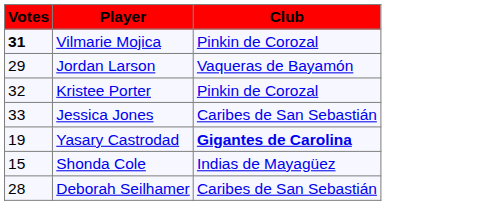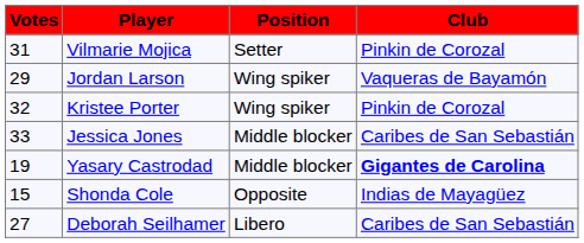 <table bgcolor="#f7f8ff" cellpadding="3" cellspacing="0" border="1" style="font-size: 95%; border: gray solid 1px; border-collapse: collapse;">
 <tr bgcolor="#ff0000">
 <td align=center><strong>Votes</strong></td>
 <td align=center><strong>Player</strong></td>
+<td align=center><strong>Position</strong></td>
 <td align=center><strong>Club</strong></td>
 </tr>
 <tr align="left">
-<td><strong>31</strong></td>
+<td>31</td>
 <td> <a href='#'>Vilmarie Mojica</a></td>
+<td>Setter</td>
 <td><a href='#'>Pinkin de Corozal</a></td>
 </tr>
 <tr align="left">
 <td>29</td>
 <td> <a href='#'>Jordan Larson</a></td>
+<td>Wing spiker</td>
 <td><a href='#'>Vaqueras de Bayamón</a></td>
 </tr>
 <tr align="left">
 <td>32</td>
 <td> <a href='#'>Kristee Porter</a></td>
+<td>Wing spiker</td>
 <td><a href='#'>Pinkin de Corozal</a></td>
 </tr>
 <tr align="left">
 <td>33</td>
 <td> <a href='#'>Jessica Jones</a></td>
+<td>Middle blocker</td>
 <td><a href='#'>Caribes de San Sebastián</a></td>
 </tr>
 <tr align="left">
 <td>19</td>
 <td> <a href='#'>Yasary Castrodad</a></td>
+<td>Middle blocker</td>
 <td><strong><a href='#'>Gigantes de Carolina</a></strong></td>
 </tr>
 <tr align="left">
 <td>15</td>
 <td> <a href='#'>Shonda Cole</a></td>
+<td>Opposite</td>
 <td><a href='#'>Indias de Mayagüez</a></td>
 </tr>
 <tr align="left">
-<td>28</td>
+<td>27</td>
 <td> <a href='#'>Deborah Seilhamer</a></td>
+<td>Libero</td>
 <td><a href='#'>Caribes de San Sebastián</a></td>
 </tr>
 </table>
